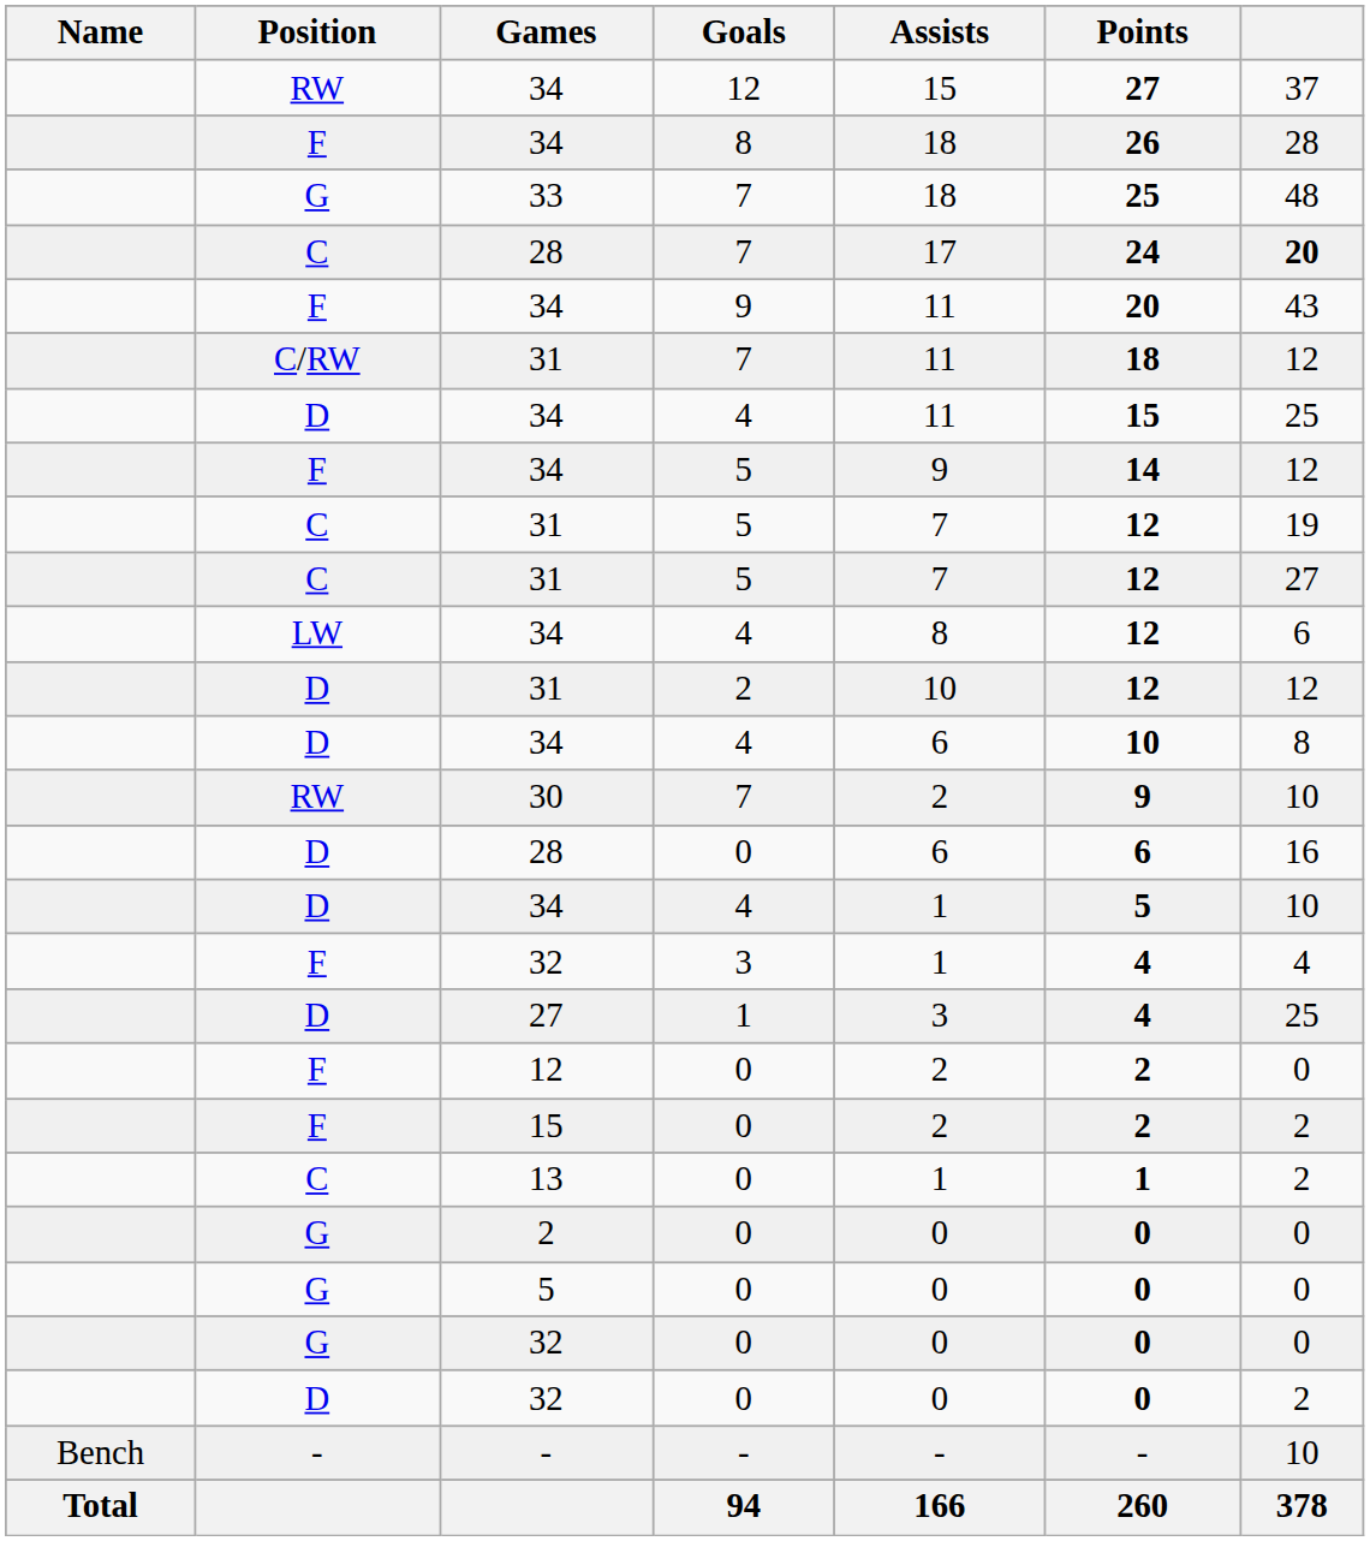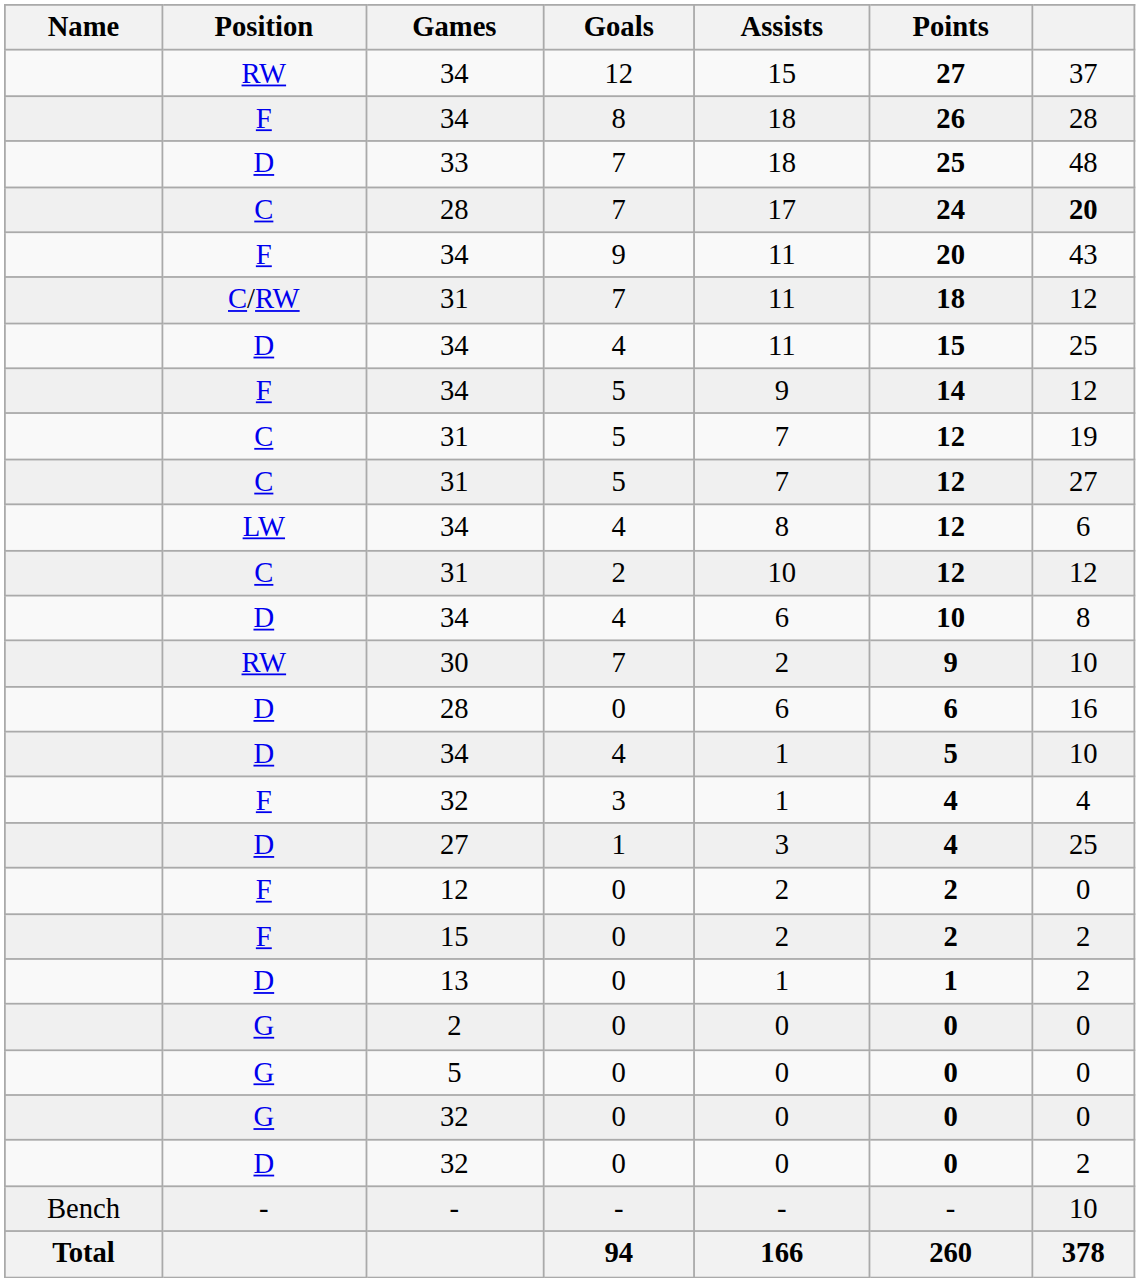 <table class="wikitable sortable" width ="50%">
 <tr align="center">
 <th>Name</th>
 <th>Position</th>
 <th>Games</th>
 <th>Goals</th>
 <th>Assists</th>
 <th>Points</th>
 <th><a href='#'></a></th>
 </tr>
 <tr align="center" bgcolor="">
 <td></td>
 <td><a href='#'>RW</a></td>
 <td>34</td>
 <td>12</td>
 <td>15</td>
 <td><strong>27</strong></td>
 <td>37</td>
 </tr>
 <tr align="center" bgcolor="f0f0f0">
 <td></td>
 <td><a href='#'>F</a></td>
 <td>34</td>
 <td>8</td>
 <td>18</td>
 <td><strong>26</strong></td>
 <td>28</td>
 </tr>
 <tr align="center" bgcolor="">
 <td></td>
-<td><a href='#'>G</a></td>
+<td><a href='#'>D</a></td>
 <td>33</td>
 <td>7</td>
 <td>18</td>
 <td><strong>25</strong></td>
 <td>48</td>
 </tr>
 <tr align="center" bgcolor="f0f0f0">
 <td></td>
 <td><a href='#'>C</a></td>
 <td>28</td>
 <td>7</td>
 <td>17</td>
 <td><strong>24</strong></td>
 <td><strong>20</strong></td>
 </tr>
 <tr align="center" bgcolor="">
 <td></td>
 <td><a href='#'>F</a></td>
 <td>34</td>
 <td>9</td>
 <td>11</td>
 <td><strong>20</strong></td>
 <td>43</td>
 </tr>
 <tr align="center" bgcolor="f0f0f0">
 <td></td>
 <td><a href='#'>C</a>/<a href='#'>RW</a></td>
 <td>31</td>
 <td>7</td>
 <td>11</td>
 <td><strong>18</strong></td>
 <td>12</td>
 </tr>
 <tr align="center" bgcolor="">
 <td></td>
 <td><a href='#'>D</a></td>
 <td>34</td>
 <td>4</td>
 <td>11</td>
 <td><strong>15</strong></td>
 <td>25</td>
 </tr>
 <tr align="center" bgcolor="f0f0f0">
 <td></td>
 <td><a href='#'>F</a></td>
 <td>34</td>
 <td>5</td>
 <td>9</td>
 <td><strong>14</strong></td>
 <td>12</td>
 </tr>
 <tr align="center" bgcolor="">
 <td></td>
 <td><a href='#'>C</a></td>
 <td>31</td>
 <td>5</td>
 <td>7</td>
 <td><strong>12</strong></td>
 <td>19</td>
 </tr>
 <tr align="center" bgcolor="f0f0f0">
 <td></td>
 <td><a href='#'>C</a></td>
 <td>31</td>
 <td>5</td>
 <td>7</td>
 <td><strong>12</strong></td>
 <td>27</td>
 </tr>
 <tr align="center" bgcolor="">
 <td></td>
 <td><a href='#'>LW</a></td>
 <td>34</td>
 <td>4</td>
 <td>8</td>
 <td><strong>12</strong></td>
 <td>6</td>
 </tr>
 <tr align="center" bgcolor="f0f0f0">
 <td></td>
-<td><a href='#'>D</a></td>
+<td><a href='#'>C</a></td>
 <td>31</td>
 <td>2</td>
 <td>10</td>
 <td><strong>12</strong></td>
 <td>12</td>
 </tr>
 <tr align="center" bgcolor="">
 <td></td>
 <td><a href='#'>D</a></td>
 <td>34</td>
 <td>4</td>
 <td>6</td>
 <td><strong>10</strong></td>
 <td>8</td>
 </tr>
 <tr align="center" bgcolor="f0f0f0">
 <td></td>
 <td><a href='#'>RW</a></td>
 <td>30</td>
 <td>7</td>
 <td>2</td>
 <td><strong>9</strong></td>
 <td>10</td>
 </tr>
 <tr align="center" bgcolor="">
 <td></td>
 <td><a href='#'>D</a></td>
 <td>28</td>
 <td>0</td>
 <td>6</td>
 <td><strong>6</strong></td>
 <td>16</td>
 </tr>
 <tr align="center" bgcolor="f0f0f0">
 <td></td>
 <td><a href='#'>D</a></td>
 <td>34</td>
 <td>4</td>
 <td>1</td>
 <td><strong>5</strong></td>
 <td>10</td>
 </tr>
 <tr align="center" bgcolor="">
 <td></td>
 <td><a href='#'>F</a></td>
 <td>32</td>
 <td>3</td>
 <td>1</td>
 <td><strong>4</strong></td>
 <td>4</td>
 </tr>
 <tr align="center" bgcolor="f0f0f0">
 <td></td>
 <td><a href='#'>D</a></td>
 <td>27</td>
 <td>1</td>
 <td>3</td>
 <td><strong>4</strong></td>
 <td>25</td>
 </tr>
 <tr align="center" bgcolor="">
 <td></td>
 <td><a href='#'>F</a></td>
 <td>12</td>
 <td>0</td>
 <td>2</td>
 <td><strong>2</strong></td>
 <td>0</td>
 </tr>
 <tr align="center" bgcolor="f0f0f0">
 <td></td>
 <td><a href='#'>F</a></td>
 <td>15</td>
 <td>0</td>
 <td>2</td>
 <td><strong>2</strong></td>
 <td>2</td>
 </tr>
 <tr align="center" bgcolor="">
 <td></td>
-<td><a href='#'>C</a></td>
+<td><a href='#'>D</a></td>
 <td>13</td>
 <td>0</td>
 <td>1</td>
 <td><strong>1</strong></td>
 <td>2</td>
 </tr>
 <tr align="center" bgcolor="f0f0f0">
 <td></td>
 <td><a href='#'>G</a></td>
 <td>2</td>
 <td>0</td>
 <td>0</td>
 <td><strong>0</strong></td>
 <td>0</td>
 </tr>
 <tr align="center" bgcolor="">
 <td></td>
 <td><a href='#'>G</a></td>
 <td>5</td>
 <td>0</td>
 <td>0</td>
 <td><strong>0</strong></td>
 <td>0</td>
 </tr>
 <tr align="center" bgcolor="f0f0f0">
 <td></td>
 <td><a href='#'>G</a></td>
 <td>32</td>
 <td>0</td>
 <td>0</td>
 <td><strong>0</strong></td>
 <td>0</td>
 </tr>
 <tr align="center" bgcolor="">
 <td></td>
 <td><a href='#'>D</a></td>
 <td>32</td>
 <td>0</td>
 <td>0</td>
 <td><strong>0</strong></td>
 <td>2</td>
 </tr>
 <tr align="center" bgcolor="f0f0f0">
 <td>Bench</td>
 <td>-</td>
 <td>-</td>
 <td>-</td>
 <td>-</td>
 <td>-</td>
 <td>10</td>
 </tr>
 <tr>
 <th>Total</th>
 <th></th>
 <th></th>
 <th>94</th>
 <th>166</th>
 <th>260</th>
 <th>378</th>
 </tr>
 </table>
